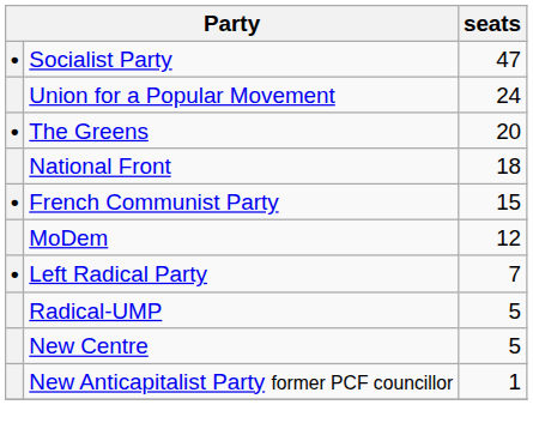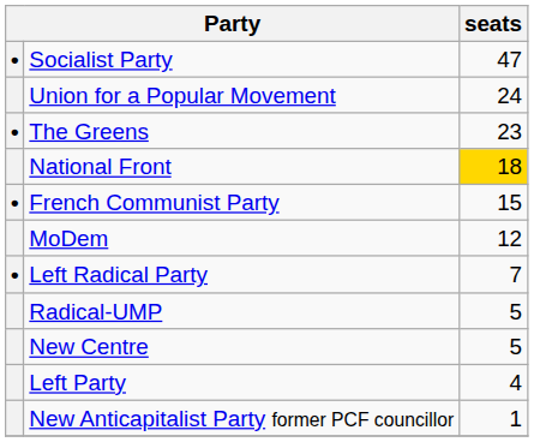 <table class="wikitable" style="font-size: 95%;">
 <tr>
 <th colspan=2>Party</th>
 <th>seats</th>
 </tr>
 <tr>
 <th style="background-color: "><span>•</span></th>
 <td><a href='#'>Socialist Party</a></td>
 <td align="right">47</td>
 </tr>
 <tr>
 <th style="background-color: "></th>
 <td><a href='#'>Union for a Popular Movement</a></td>
 <td align="right">24</td>
 </tr>
 <tr>
 <th style="background-color: "><span>•</span></th>
 <td><a href='#'>The Greens</a></td>
-<td align="right">20</td>
+<td align="right">23</td>
 </tr>
 <tr>
 <th style="background-color: "></th>
 <td><a href='#'>National Front</a></td>
-<td align="right">18</td>
+<td align="right" style="background: gold;">18</td>
 </tr>
 <tr>
 <th style="background-color: "><span>•</span></th>
 <td><a href='#'>French Communist Party</a></td>
 <td align="right">15</td>
 </tr>
 <tr>
 <th style="background-color: "></th>
 <td><a href='#'>MoDem</a></td>
 <td align="right">12</td>
 </tr>
 <tr>
 <th style="background-color: "><span>•</span></th>
 <td><a href='#'>Left Radical Party</a></td>
 <td align="right">7</td>
 </tr>
 <tr>
 <th style="background-color: "></th>
 <td><a href='#'>Radical-UMP</a></td>
 <td align="right">5</td>
 </tr>
 <tr>
 <th style="background-color: "></th>
 <td><a href='#'>New Centre</a></td>
 <td align="right">5</td>
 </tr>
 <tr>
 <th style="background-color: "></th>
+<td><a href='#'>Left Party</a></td>
+<td align="right">4</td>
+</tr>
+<tr>
+<th style="background-color: "></th>
 <td><a href='#'>New Anticapitalist Party</a> <small>former PCF councillor</small></td>
 <td align="right">1</td>
 </tr>
 <tr>
 </tr>
 </table>
